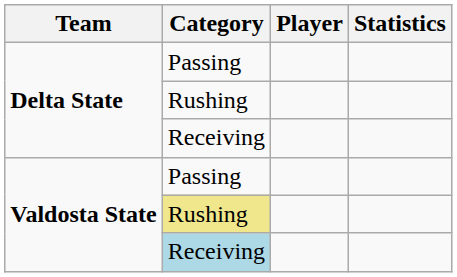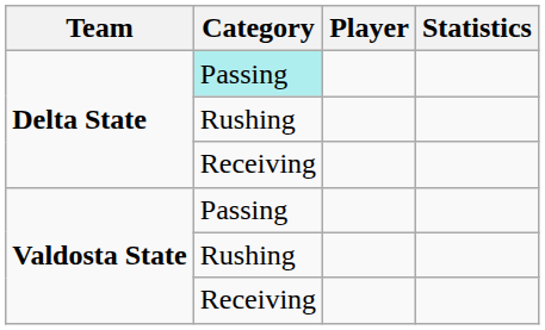 <table class="wikitable" style="float: left;">
 <tr>
 <th>Team</th>
 <th>Category</th>
 <th>Player</th>
 <th>Statistics</th>
 </tr>
 <tr>
 <td rowspan=3><strong>Delta State</strong></td>
-<td>Passing</td>
+<td style="background: paleturquoise;">Passing</td>
 <td></td>
 <td></td>
 </tr>
 <tr>
 <td>Rushing</td>
 <td></td>
 <td></td>
 </tr>
 <tr>
 <td>Receiving</td>
 <td></td>
 <td></td>
 </tr>
 <tr>
 <td rowspan=3><strong>Valdosta State</strong></td>
 <td>Passing</td>
 <td></td>
 <td></td>
 </tr>
 <tr>
-<td style="background: khaki;">Rushing</td>
+<td>Rushing</td>
 <td></td>
 <td></td>
 </tr>
 <tr>
-<td style="background: lightblue;">Receiving</td>
+<td>Receiving</td>
 <td></td>
 <td></td>
 </tr>
 </table>
